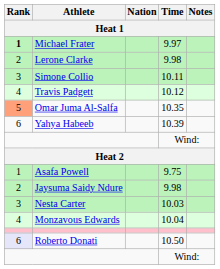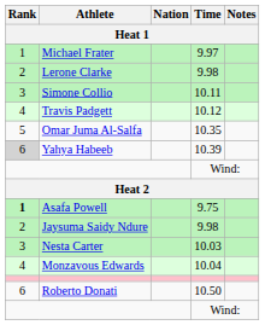 <table class="wikitable" style="text-align:center;">
 <tr>
 <th scope="col" style="width: 10px;">Rank</th>
 <th scope="col">Athlete</th>
 <th scope="col">Nation</th>
 <th scope="col">Time</th>
 <th scope="col">Notes</th>
 </tr>
 <tr>
 <th colspan="5" align="center">Heat 1</th>
 </tr>
 <tr bgcolor=bbf3bb>
-<td><strong>1</strong></td>
+<td>1</td>
 <td align=left><a href='#'>Michael Frater</a></td>
 <td align=left></td>
 <td>9.97</td>
 <td></td>
 </tr>
 <tr bgcolor=bbf3bb>
 <td>2</td>
 <td align=left><a href='#'>Lerone Clarke</a></td>
 <td align=left></td>
 <td>9.98</td>
 <td></td>
 </tr>
 <tr bgcolor=bbf3bb>
 <td>3</td>
 <td align=left><a href='#'>Simone Collio</a></td>
 <td align=left></td>
 <td>10.11</td>
 <td></td>
 </tr>
 <tr bgcolor=ddffdd>
 <td>4</td>
 <td align=left><a href='#'>Travis Padgett</a></td>
 <td align=left></td>
 <td>10.12</td>
 <td></td>
 </tr>
 <tr>
-<td style="background: lightsalmon;">5</td>
+<td>5</td>
 <td align=left><a href='#'>Omar Juma Al-Salfa</a></td>
 <td align=left></td>
 <td>10.35</td>
 <td></td>
 </tr>
 <tr>
-<td>6</td>
+<td style="background: lightgrey;">6</td>
 <td align=left><a href='#'>Yahya Habeeb</a></td>
 <td align=left></td>
 <td>10.39</td>
 <td></td>
 </tr>
 <tr>
 <td colspan="3"></td>
 <td colspan="2">Wind: </td>
 </tr>
 <tr>
 <th align=center colspan=5>Heat 2</th>
 </tr>
 <tr bgcolor=bbf3bb>
-<td>1</td>
+<td><strong>1</strong></td>
 <td align=left><a href='#'>Asafa Powell</a></td>
 <td align=left></td>
 <td>9.75</td>
 <td></td>
 </tr>
 <tr bgcolor=bbf3bb>
 <td>2</td>
 <td align=left><a href='#'>Jaysuma Saidy Ndure</a></td>
 <td align=left></td>
 <td>9.98</td>
 <td></td>
 </tr>
 <tr bgcolor=bbf3bb>
 <td>3</td>
 <td align=left><a href='#'>Nesta Carter</a></td>
 <td align=left></td>
 <td>10.03</td>
 <td></td>
 </tr>
 <tr bgcolor=ddffdd>
 <td>4</td>
 <td align=left><a href='#'>Monzavous Edwards</a></td>
 <td align=left></td>
 <td>10.04</td>
 <td></td>
 </tr>
 <tr bgcolor=pink>
 <td></td>
 <td align=left></td>
 <td align=left></td>
 <td></td>
 <td></td>
 </tr>
 <tr>
-<td style="background: lavender;">6</td>
+<td>6</td>
 <td align=left><a href='#'>Roberto Donati</a></td>
 <td align=left></td>
 <td>10.50</td>
 <td></td>
 </tr>
 <tr class="sortbottom">
 <td colspan="3"></td>
 <td colspan="2">Wind: </td>
 </tr>
 </table>
